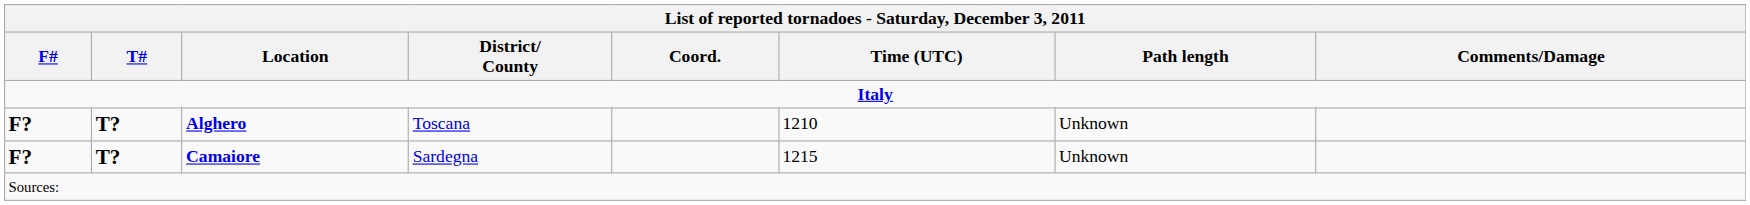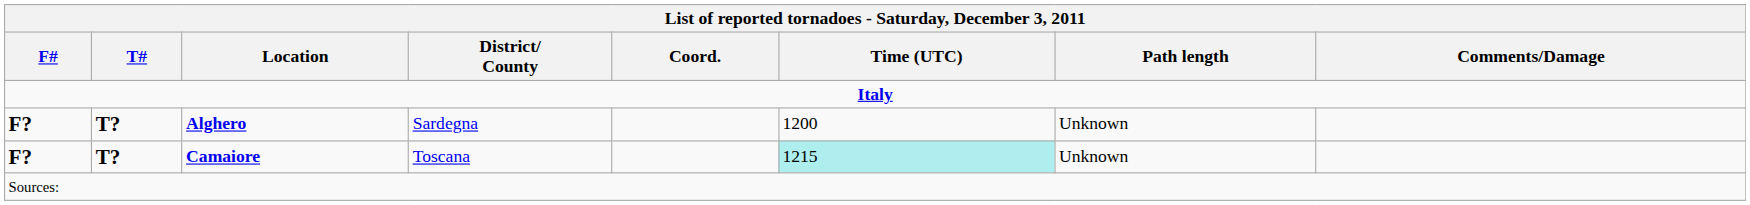 <table class="wikitable collapsible" width="100%">
 <tr>
 <th colspan="8">List of reported tornadoes - Saturday, December 3, 2011</th>
 </tr>
 <tr>
 <th><a href='#'>F#</a></th>
 <th><a href='#'>T#</a></th>
 <th>Location</th>
 <th>District/<br>County</th>
 <th>Coord.</th>
 <th>Time (UTC)</th>
 <th>Path length</th>
 <th>Comments/Damage</th>
 </tr>
 <tr>
 <td colspan="8" align=center><strong><a href='#'>Italy</a></strong></td>
 </tr>
 <tr>
 <td><big><strong>F?</strong></big></td>
 <td><big><strong>T?</strong></big></td>
 <td><strong><a href='#'>Alghero</a></strong></td>
-<td><a href='#'>Toscana</a></td>
+<td><a href='#'>Sardegna</a></td>
 <td></td>
-<td>1210</td>
+<td>1200</td>
 <td>Unknown</td>
 <td></td>
 </tr>
 <tr>
 <td><big><strong>F?</strong></big></td>
 <td><big><strong>T?</strong></big></td>
 <td><strong><a href='#'>Camaiore</a></strong></td>
-<td><a href='#'>Sardegna</a></td>
+<td><a href='#'>Toscana</a></td>
 <td></td>
-<td>1215</td>
+<td style="background: paleturquoise;">1215</td>
 <td>Unknown</td>
 <td></td>
 </tr>
 <tr>
 <td colspan="8"><small>Sources:  </small></td>
 </tr>
 </table>
